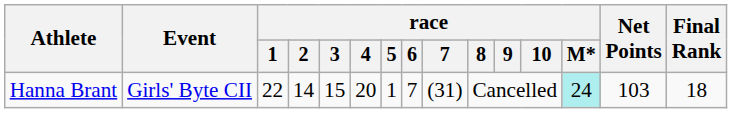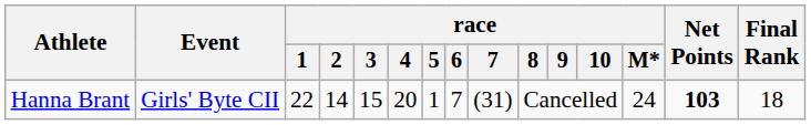 <table class="wikitable" style="font-size:90%">
 <tr>
 <th rowspan="2">Athlete</th>
 <th rowspan="2">Event</th>
 <th colspan=11>race</th>
 <th rowspan=2>Net<br>Points</th>
 <th rowspan=2>Final <br>Rank</th>
 </tr>
 <tr style="font-size:95%">
 <th>1</th>
 <th>2</th>
 <th>3</th>
 <th>4</th>
 <th>5</th>
 <th>6</th>
 <th>7</th>
 <th>8</th>
 <th>9</th>
 <th>10</th>
 <th>M*</th>
 </tr>
 <tr align=center>
 <td align=left><a href='#'>Hanna Brant</a></td>
 <td align=left><a href='#'>Girls' Byte CII</a></td>
 <td>22</td>
 <td>14</td>
 <td>15</td>
 <td>20</td>
 <td>1</td>
 <td>7</td>
 <td>(31)</td>
 <td colspan="3">Cancelled</td>
-<td style="background: paleturquoise;">24</td>
-<td>103</td>
+<td>24</td>
+<td><strong>103</strong></td>
 <td>18</td>
 </tr>
 </table>
